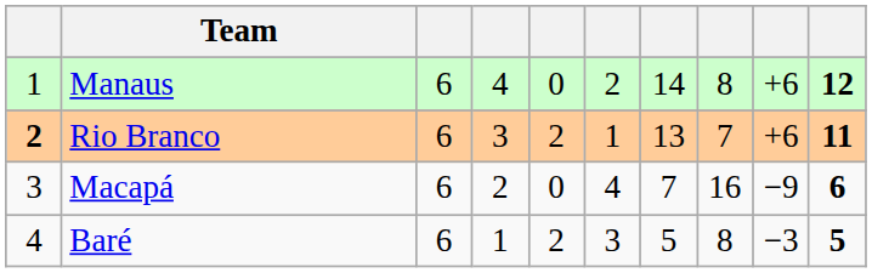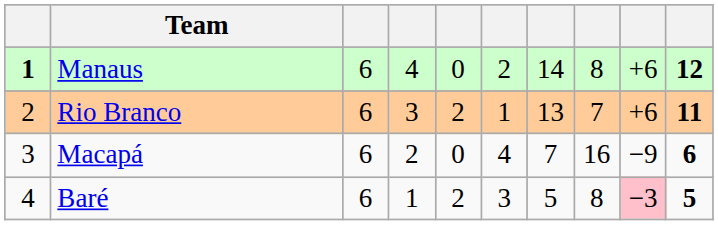 <table class="wikitable" style="text-align: center;">
 <tr>
 <th width=20></th>
 <th width=165>Team</th>
 <th width=20></th>
 <th width=20></th>
 <th width=20></th>
 <th width=20></th>
 <th width=20></th>
 <th width=20></th>
 <th width=20></th>
 <th width=20></th>
 </tr>
 <tr bgcolor=#ccffcc>
-<td>1</td>
+<td><strong>1</strong></td>
 <td align=left> <a href='#'>Manaus</a></td>
 <td>6</td>
 <td>4</td>
 <td>0</td>
 <td>2</td>
 <td>14</td>
 <td>8</td>
 <td>+6</td>
 <td><strong>12</strong></td>
 </tr>
 <tr bgcolor=#ffcc99>
-<td><strong>2</strong></td>
+<td>2</td>
 <td align=left> <a href='#'>Rio Branco</a></td>
 <td>6</td>
 <td>3</td>
 <td>2</td>
 <td>1</td>
 <td>13</td>
 <td>7</td>
 <td>+6</td>
 <td><strong>11</strong></td>
 </tr>
 <tr>
 <td>3</td>
 <td align=left> <a href='#'>Macapá</a></td>
 <td>6</td>
 <td>2</td>
 <td>0</td>
 <td>4</td>
 <td>7</td>
 <td>16</td>
 <td>−9</td>
 <td><strong>6</strong></td>
 </tr>
 <tr>
 <td>4</td>
 <td align=left> <a href='#'>Baré</a></td>
 <td>6</td>
 <td>1</td>
 <td>2</td>
 <td>3</td>
 <td>5</td>
 <td>8</td>
-<td>−3</td>
+<td style="background: pink;">−3</td>
 <td><strong>5</strong></td>
 </tr>
 </table>
